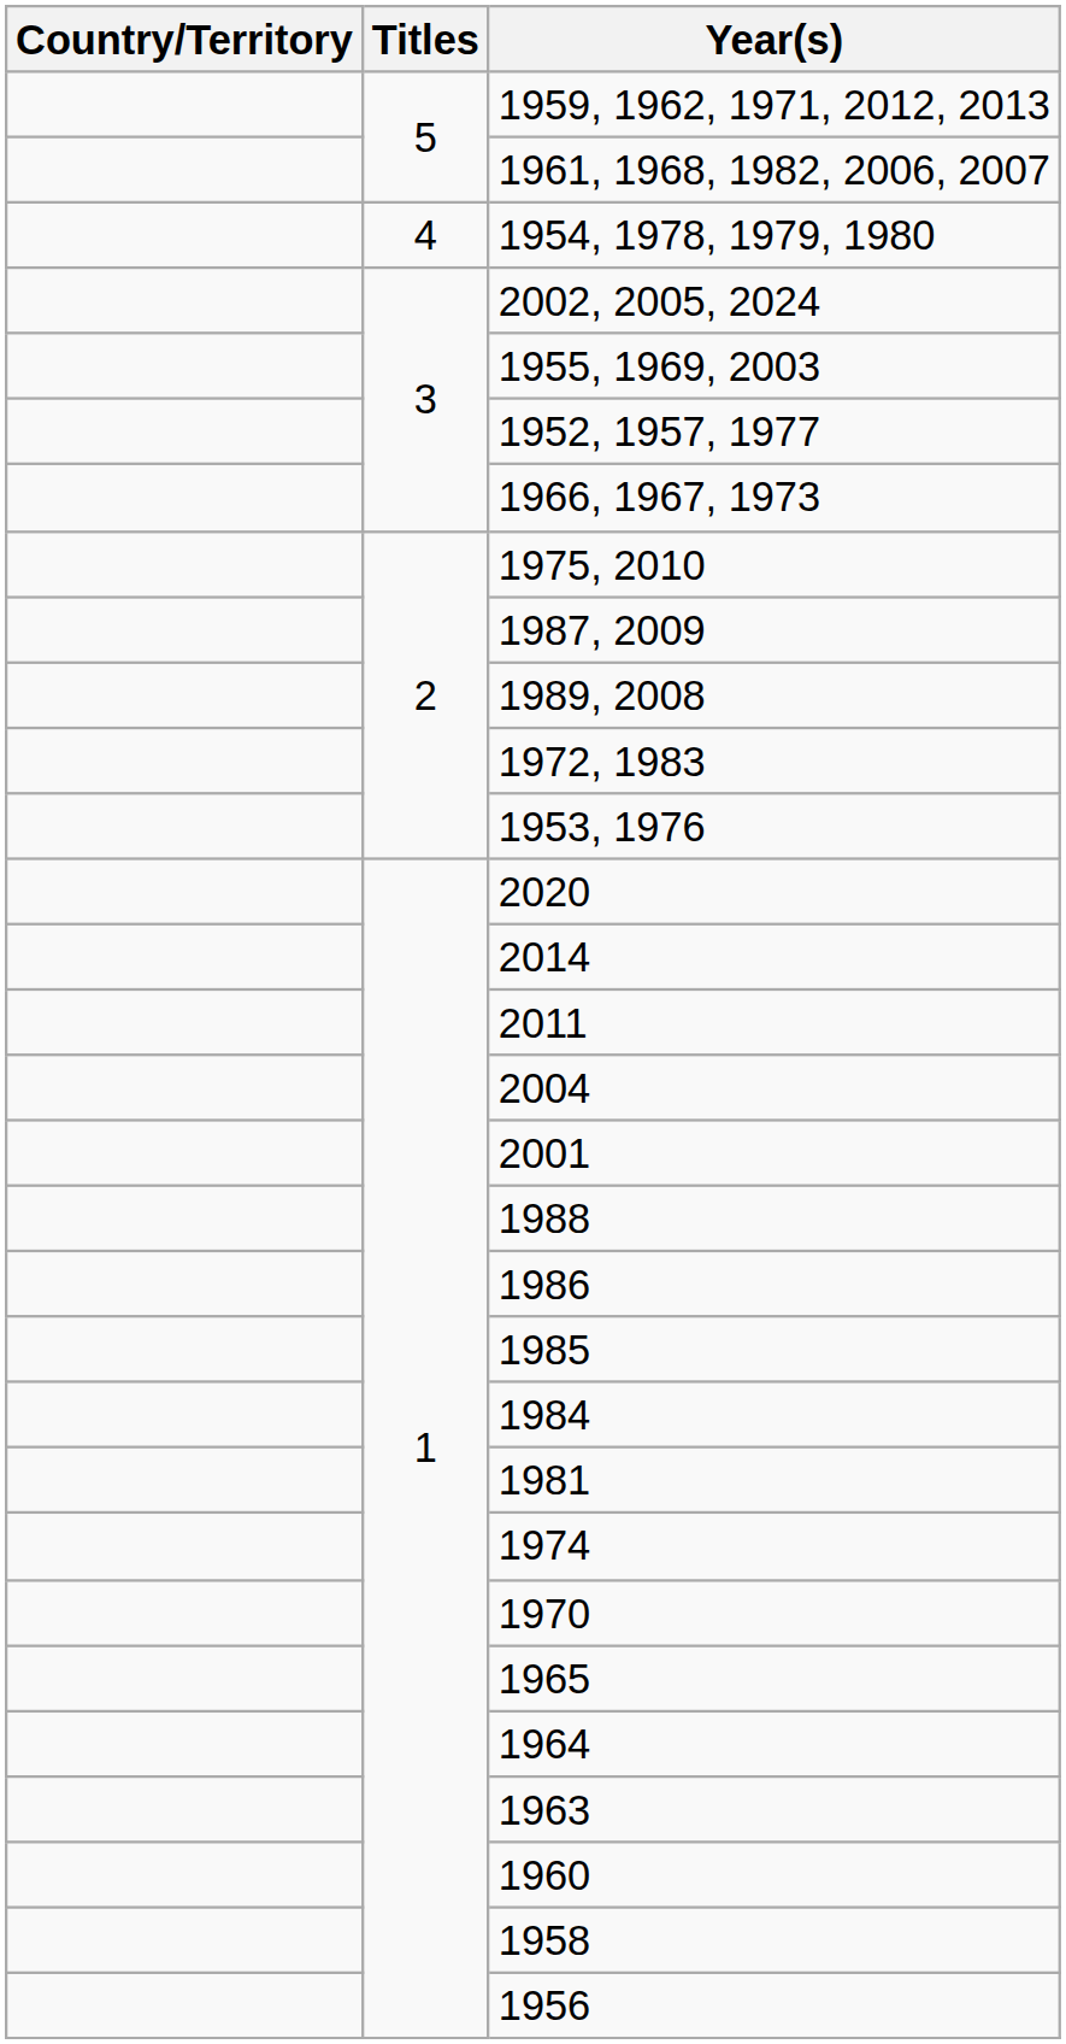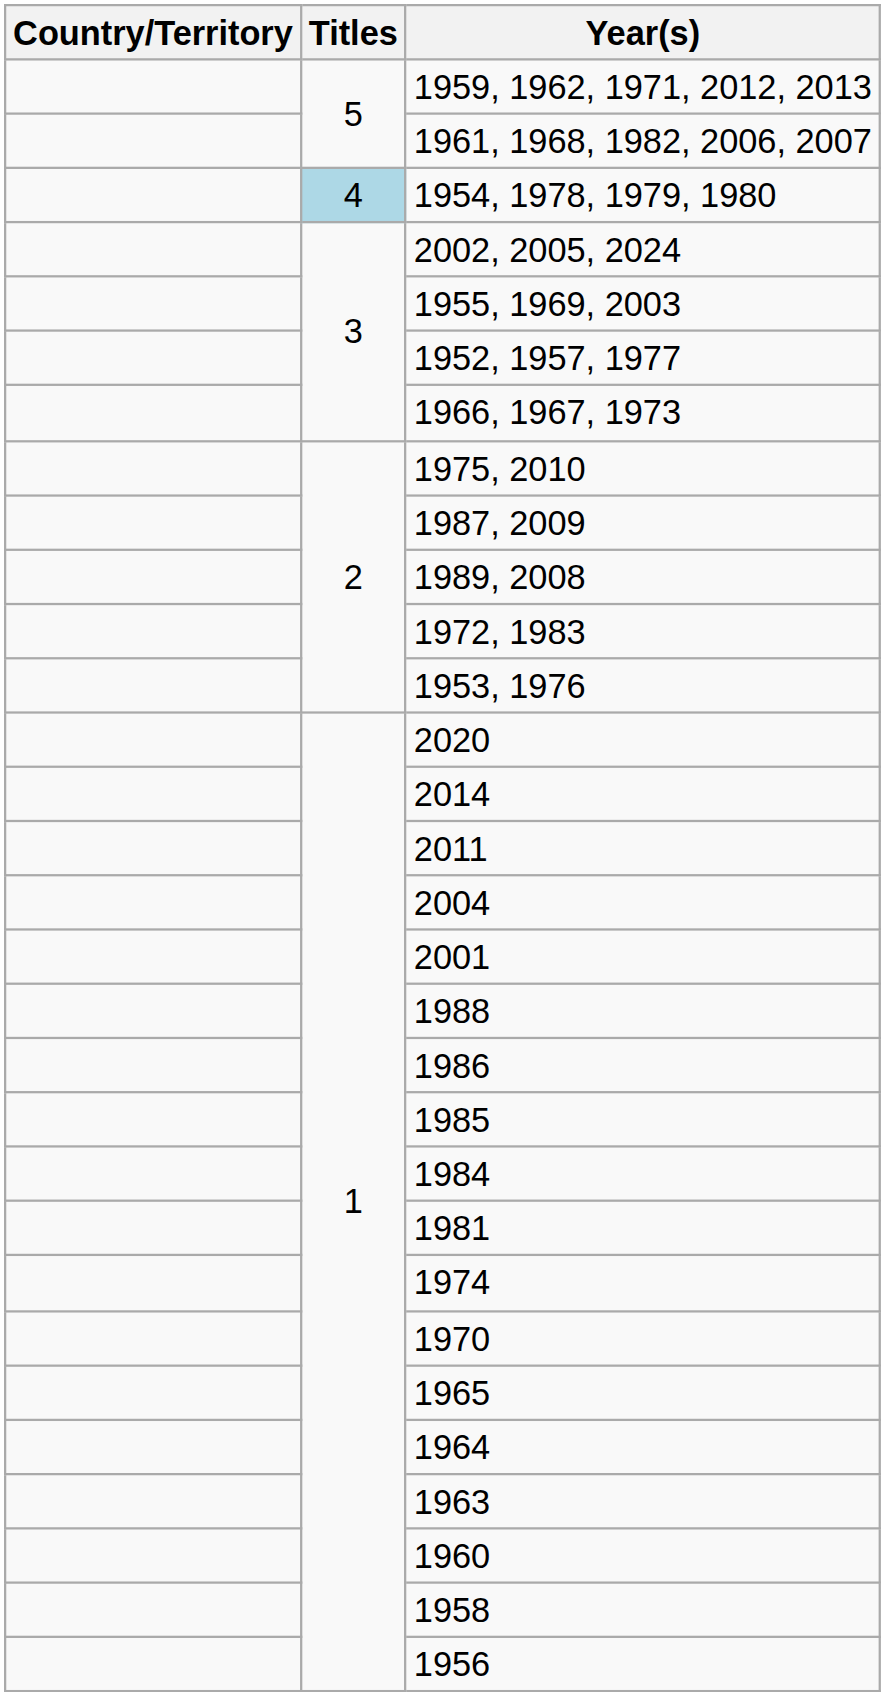 <table class="wikitable sortable" style="font-size: 95%;">
 <tr>
 <th>Country/Territory</th>
 <th>Titles</th>
 <th>Year(s)</th>
 </tr>
 <tr>
 <td><strong></strong></td>
 <td rowspan="2" style="text-align:center;">5</td>
 <td>1959, 1962, 1971, 2012, 2013</td>
 </tr>
 <tr>
 <td><strong></strong></td>
 <td>1961, 1968, 1982, 2006, 2007</td>
 </tr>
 <tr>
 <td><strong></strong></td>
-<td style="text-align:center;">4</td>
+<td style="background: lightblue; text-align:center;">4</td>
 <td>1954, 1978, 1979, 1980</td>
 </tr>
 <tr>
 <td><strong></strong></td>
 <td rowspan="4" style="text-align:center;">3</td>
 <td>2002, 2005, 2024</td>
 </tr>
 <tr>
 <td><strong></strong></td>
 <td>1955, 1969, 2003</td>
 </tr>
 <tr>
 <td><strong></strong></td>
 <td>1952, 1957, 1977</td>
 </tr>
 <tr>
 <td><strong></strong></td>
 <td>1966, 1967, 1973</td>
 </tr>
 <tr>
 <td><strong></strong></td>
 <td rowspan="5" style="text-align:center;">2</td>
 <td>1975, 2010</td>
 </tr>
 <tr>
 <td><strong></strong></td>
 <td>1987, 2009</td>
 </tr>
 <tr>
 <td><strong></strong></td>
 <td>1989, 2008</td>
 </tr>
 <tr>
 <td><strong></strong></td>
 <td>1972, 1983</td>
 </tr>
 <tr>
 <td><strong></strong></td>
 <td>1953, 1976</td>
 </tr>
 <tr>
 <td><strong></strong></td>
 <td rowspan="18" style="text-align:center;">1</td>
 <td>2020</td>
 </tr>
 <tr>
 <td><strong></strong></td>
 <td>2014</td>
 </tr>
 <tr>
 <td><strong></strong></td>
 <td>2011</td>
 </tr>
 <tr>
 <td><strong></strong></td>
 <td>2004</td>
 </tr>
 <tr>
 <td><strong></strong></td>
 <td>2001</td>
 </tr>
 <tr>
 <td><strong></strong></td>
 <td>1988</td>
 </tr>
 <tr>
 <td><strong></strong></td>
 <td>1986</td>
 </tr>
 <tr>
 <td><strong></strong></td>
 <td>1985</td>
 </tr>
 <tr>
 <td><strong></strong></td>
 <td>1984</td>
 </tr>
 <tr>
 <td><strong></strong></td>
 <td>1981</td>
 </tr>
 <tr>
 <td><strong></strong></td>
 <td>1974</td>
 </tr>
 <tr>
 <td><strong></strong></td>
 <td>1970</td>
 </tr>
 <tr>
 <td><strong></strong></td>
 <td>1965</td>
 </tr>
 <tr>
 <td><strong></strong></td>
 <td>1964</td>
 </tr>
 <tr>
 <td><strong></strong></td>
 <td>1963</td>
 </tr>
 <tr>
 <td><strong></strong></td>
 <td>1960</td>
 </tr>
 <tr>
 <td><strong></strong></td>
 <td>1958</td>
 </tr>
 <tr>
 <td><strong></strong></td>
 <td>1956</td>
 </tr>
 </table>
